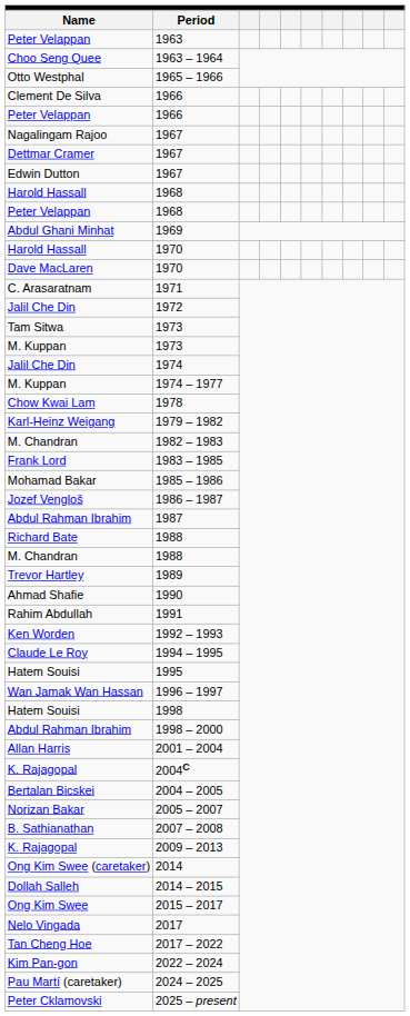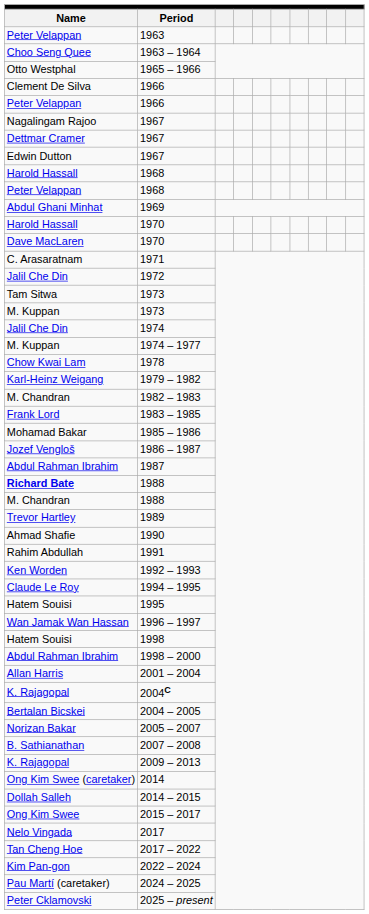 <table class="wikitable collapsible collapsed">
 <tr>
 <th colspan=11 style="background: #000000;"></th>
 </tr>
 <tr>
 <th>Name</th>
 <th>Period</th>
 <th width=20></th>
 <th width=20></th>
 <th width=20></th>
 <th width=20></th>
 <th width=20></th>
 <th width=20></th>
 <th width=20></th>
 <th width=20></th>
 </tr>
 <tr>
 <td> <a href='#'>Peter Velappan</a></td>
 <td>1963</td>
 <td></td>
 <td></td>
 <td></td>
 <td></td>
 <td></td>
 <td></td>
 <td></td>
 <td></td>
 </tr>
 <tr>
 <td> <a href='#'>Choo Seng Quee</a></td>
 <td>1963 – 1964<br></td>
 </tr>
 <tr>
 <td> Otto Westphal</td>
 <td>1965 – 1966<br></td>
 </tr>
 <tr>
 <td> Clement De Silva</td>
 <td>1966</td>
 <td></td>
 <td></td>
 <td></td>
 <td></td>
 <td></td>
 <td></td>
 <td></td>
 <td></td>
 </tr>
 <tr>
 <td> <a href='#'>Peter Velappan</a></td>
 <td>1966</td>
 <td></td>
 <td></td>
 <td></td>
 <td></td>
 <td></td>
 <td></td>
 <td></td>
 <td></td>
 </tr>
 <tr>
 <td> Nagalingam Rajoo</td>
 <td>1967</td>
 <td></td>
 <td></td>
 <td></td>
 <td></td>
 <td></td>
 <td></td>
 <td></td>
 <td></td>
 </tr>
 <tr>
 <td> <a href='#'>Dettmar Cramer</a></td>
 <td>1967</td>
 <td></td>
 <td></td>
 <td></td>
 <td></td>
 <td></td>
 <td></td>
 <td></td>
 <td></td>
 </tr>
 <tr>
 <td> Edwin Dutton</td>
 <td>1967</td>
 <td></td>
 <td></td>
 <td></td>
 <td></td>
 <td></td>
 <td></td>
 <td></td>
 <td></td>
 </tr>
 <tr>
 <td> <a href='#'>Harold Hassall</a></td>
 <td>1968</td>
 <td></td>
 <td></td>
 <td></td>
 <td></td>
 <td></td>
 <td></td>
 <td></td>
 <td></td>
 </tr>
 <tr>
 <td> <a href='#'>Peter Velappan</a></td>
 <td>1968</td>
 <td></td>
 <td></td>
 <td></td>
 <td></td>
 <td></td>
 <td></td>
 <td></td>
 <td></td>
 </tr>
 <tr>
 <td> <a href='#'>Abdul Ghani Minhat</a></td>
 <td>1969<br></td>
 </tr>
 <tr>
 <td> <a href='#'>Harold Hassall</a></td>
 <td>1970</td>
 <td></td>
 <td></td>
 <td></td>
 <td></td>
 <td></td>
 <td></td>
 <td></td>
 <td></td>
 </tr>
 <tr>
 <td> <a href='#'>Dave MacLaren</a></td>
 <td>1970</td>
 <td></td>
 <td></td>
 <td></td>
 <td></td>
 <td></td>
 <td></td>
 <td></td>
 <td></td>
 </tr>
 <tr>
 <td> C. Arasaratnam</td>
 <td>1971<br></td>
 </tr>
 <tr>
 <td> <a href='#'>Jalil Che Din</a></td>
 <td>1972<br></td>
 </tr>
 <tr>
 <td> Tam Sitwa</td>
 <td>1973<br></td>
 </tr>
 <tr>
 <td> M. Kuppan</td>
 <td>1973<br></td>
 </tr>
 <tr>
 <td> <a href='#'>Jalil Che Din</a></td>
 <td>1974<br></td>
 </tr>
 <tr>
 <td> M. Kuppan</td>
 <td>1974 – 1977<br></td>
 </tr>
 <tr>
 <td> <a href='#'>Chow Kwai Lam</a></td>
 <td>1978<br></td>
 </tr>
 <tr>
 <td> <a href='#'>Karl-Heinz Weigang</a></td>
 <td>1979 – 1982<br></td>
 </tr>
 <tr>
 <td> M. Chandran</td>
 <td>1982 – 1983<br></td>
 </tr>
 <tr>
 <td> <a href='#'>Frank Lord</a></td>
 <td>1983 – 1985<br></td>
 </tr>
 <tr>
 <td> Mohamad Bakar</td>
 <td>1985 – 1986<br></td>
 </tr>
 <tr>
 <td> <a href='#'>Jozef Vengloš</a></td>
 <td>1986 – 1987<br></td>
 </tr>
 <tr>
 <td> <a href='#'>Abdul Rahman Ibrahim</a></td>
 <td>1987<br></td>
 </tr>
 <tr>
-<td> <a href='#'>Richard Bate</a></td>
+<td><strong> <a href='#'>Richard Bate</a></strong></td>
 <td>1988<br></td>
 </tr>
 <tr>
 <td> M. Chandran</td>
 <td>1988<br></td>
 </tr>
 <tr>
 <td> <a href='#'>Trevor Hartley</a></td>
 <td>1989<br></td>
 </tr>
 <tr>
 <td> Ahmad Shafie</td>
 <td>1990<br></td>
 </tr>
 <tr>
 <td> Rahim Abdullah</td>
 <td>1991<br></td>
 </tr>
 <tr>
 <td> <a href='#'>Ken Worden</a></td>
 <td>1992 – 1993<br></td>
 </tr>
 <tr>
 <td> <a href='#'>Claude Le Roy</a></td>
 <td>1994 – 1995<br></td>
 </tr>
 <tr>
 <td> Hatem Souisi</td>
 <td>1995<br></td>
 </tr>
 <tr>
 <td> <a href='#'>Wan Jamak Wan Hassan</a></td>
 <td>1996 – 1997<br></td>
 </tr>
 <tr>
 <td> Hatem Souisi</td>
 <td>1998<br></td>
 </tr>
 <tr>
 <td> <a href='#'>Abdul Rahman Ibrahim</a></td>
 <td>1998 – 2000<br></td>
 </tr>
 <tr>
 <td> <a href='#'>Allan Harris</a></td>
 <td>2001 – 2004<br></td>
 </tr>
 <tr>
 <td> <a href='#'>K. Rajagopal</a></td>
 <td>2004<strong><sup>C</sup></strong><br></td>
 </tr>
 <tr>
 <td> <a href='#'>Bertalan Bicskei</a></td>
 <td>2004 – 2005<br></td>
 </tr>
 <tr>
 <td> <a href='#'>Norizan Bakar</a></td>
 <td>2005 – 2007<br></td>
 </tr>
 <tr>
 <td> <a href='#'>B. Sathianathan</a></td>
 <td>2007 – 2008<br></td>
 </tr>
 <tr>
 <td> <a href='#'>K. Rajagopal</a></td>
 <td>2009 – 2013<br></td>
 </tr>
 <tr>
 <td> <a href='#'>Ong Kim Swee</a> (<a href='#'>caretaker</a>)</td>
 <td>2014<br></td>
 </tr>
 <tr>
 <td> <a href='#'>Dollah Salleh</a></td>
 <td>2014 – 2015<br></td>
 </tr>
 <tr>
 <td> <a href='#'>Ong Kim Swee</a></td>
 <td>2015 – 2017<br></td>
 </tr>
 <tr>
 <td> <a href='#'>Nelo Vingada</a></td>
 <td>2017<br></td>
 </tr>
 <tr>
 <td> <a href='#'>Tan Cheng Hoe</a></td>
 <td>2017 – 2022<br></td>
 </tr>
 <tr>
 <td> <a href='#'>Kim Pan-gon</a></td>
 <td>2022 – 2024<br></td>
 </tr>
 <tr>
 <td> <a href='#'>Pau Martí</a> (caretaker)</td>
 <td>2024 – 2025<br></td>
 </tr>
 <tr>
 <td> <a href='#'>Peter Cklamovski</a></td>
 <td>2025 – <em>present</em><br></td>
 </tr>
 </table>
